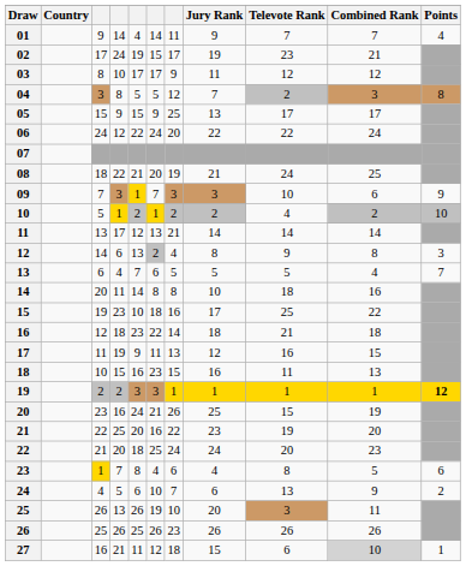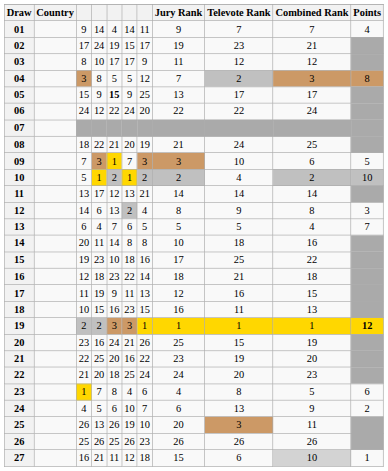 <table class="sortable wikitable collapsible plainrowheaders" style="text-align:center;">
 <tr>
 </tr>
 <tr>
 <th scope="col">Draw</th>
 <th scope="col">Country</th>
 <th scope="col"><small></small></th>
 <th scope="col"><small></small></th>
 <th scope="col"><small></small></th>
 <th scope="col"><small></small></th>
 <th scope="col"><small></small></th>
 <th scope="col">Jury Rank</th>
 <th scope="col">Televote Rank</th>
 <th scope="col">Combined Rank</th>
 <th scope="col">Points</th>
 </tr>
 <tr>
 <th scope="row" style="text-align:center;">01</th>
 <td style="text-align:left;"></td>
 <td>9</td>
 <td>14</td>
 <td>4</td>
 <td>14</td>
 <td>11</td>
 <td>9</td>
 <td>7</td>
 <td>7</td>
 <td>4</td>
 </tr>
 <tr>
 <th scope="row" style="text-align:center;">02</th>
 <td style="text-align:left;"></td>
 <td>17</td>
 <td>24</td>
 <td>19</td>
 <td>15</td>
 <td>17</td>
 <td>19</td>
 <td>23</td>
 <td>21</td>
 <td style="background:#AAAAAA;"></td>
 </tr>
 <tr>
 <th scope="row" style="text-align:center;">03</th>
 <td style="text-align:left;"></td>
 <td>8</td>
 <td>10</td>
 <td>17</td>
 <td>17</td>
 <td>9</td>
 <td>11</td>
 <td>12</td>
 <td>12</td>
 <td style="background:#AAAAAA;"></td>
 </tr>
 <tr>
 <th scope="row" style="text-align:center;">04</th>
 <td style="text-align:left;"></td>
 <td style="background:#CC9966;">3</td>
 <td>8</td>
 <td>5</td>
 <td>5</td>
 <td>12</td>
 <td>7</td>
 <td style="background:silver;">2</td>
 <td style="background:#CC9966;">3</td>
 <td style="background:#CC9966;">8</td>
 </tr>
 <tr>
 <th scope="row" style="text-align:center;">05</th>
 <td style="text-align:left;"></td>
 <td>15</td>
 <td>9</td>
-<td>15</td>
+<td><strong>15</strong></td>
 <td>9</td>
 <td>25</td>
 <td>13</td>
 <td>17</td>
 <td>17</td>
 <td style="background:#AAAAAA;"></td>
 </tr>
 <tr>
 <th scope="row" style="text-align:center;">06</th>
 <td style="text-align:left;"></td>
 <td>24</td>
 <td>12</td>
 <td>22</td>
 <td>24</td>
 <td>20</td>
 <td>22</td>
 <td>22</td>
 <td>24</td>
 <td style="background:#AAAAAA;"></td>
 </tr>
 <tr class="sortbottom">
 <th scope="row" style="text-align:center;">07</th>
 <td style="text-align:left;"></td>
 <td style="background:#AAAAAA;"></td>
 <td style="background:#AAAAAA;"></td>
 <td style="background:#AAAAAA;"></td>
 <td style="background:#AAAAAA;"></td>
 <td style="background:#AAAAAA;"></td>
 <td style="background:#AAAAAA;"></td>
 <td style="background:#AAAAAA;"></td>
 <td style="background:#AAAAAA;"></td>
 <td style="background:#AAAAAA;"></td>
 </tr>
 <tr>
 <th scope="row" style="text-align:center;">08</th>
 <td style="text-align:left;"></td>
 <td>18</td>
 <td>22</td>
 <td>21</td>
 <td>20</td>
 <td>19</td>
 <td>21</td>
 <td>24</td>
 <td>25</td>
 <td style="background:#AAAAAA;"></td>
 </tr>
 <tr>
 <th scope="row" style="text-align:center;">09</th>
 <td style="text-align:left;"></td>
 <td>7</td>
 <td style="background:#CC9966;">3</td>
 <td style="background:gold;">1</td>
 <td>7</td>
 <td style="background:#CC9966;">3</td>
 <td style="background:#CC9966;">3</td>
 <td>10</td>
 <td>6</td>
-<td>9</td>
+<td>5</td>
 </tr>
 <tr>
 <th scope="row" style="text-align:center;">10</th>
 <td style="text-align:left;"></td>
 <td>5</td>
 <td style="background:gold;">1</td>
 <td style="background:silver;">2</td>
 <td style="background:gold;">1</td>
 <td style="background:silver;">2</td>
 <td style="background:silver;">2</td>
 <td>4</td>
 <td style="background:silver;">2</td>
 <td style="background:silver;">10</td>
 </tr>
 <tr>
 <th scope="row" style="text-align:center;">11</th>
 <td style="text-align:left;"></td>
 <td>13</td>
 <td>17</td>
 <td>12</td>
 <td>13</td>
 <td>21</td>
 <td>14</td>
 <td>14</td>
 <td>14</td>
 <td style="background:#AAAAAA;"></td>
 </tr>
 <tr>
 <th scope="row" style="text-align:center;">12</th>
 <td style="text-align:left;"></td>
 <td>14</td>
 <td>6</td>
 <td>13</td>
 <td style="background:silver;">2</td>
 <td>4</td>
 <td>8</td>
 <td>9</td>
 <td>8</td>
 <td>3</td>
 </tr>
 <tr>
 <th scope="row" style="text-align:center;">13</th>
 <td style="text-align:left;"></td>
 <td>6</td>
 <td>4</td>
 <td>7</td>
 <td>6</td>
 <td>5</td>
 <td>5</td>
 <td>5</td>
 <td>4</td>
 <td>7</td>
 </tr>
 <tr>
 <th scope="row" style="text-align:center;">14</th>
 <td style="text-align:left;"></td>
 <td>20</td>
 <td>11</td>
 <td>14</td>
 <td>8</td>
 <td>8</td>
 <td>10</td>
 <td>18</td>
 <td>16</td>
 <td style="background:#AAAAAA;"></td>
 </tr>
 <tr>
 <th scope="row" style="text-align:center;">15</th>
 <td style="text-align:left;"></td>
 <td>19</td>
 <td>23</td>
 <td>10</td>
 <td>18</td>
 <td>16</td>
 <td>17</td>
 <td>25</td>
 <td>22</td>
 <td style="background:#AAAAAA;"></td>
 </tr>
 <tr>
 <th scope="row" style="text-align:center;">16</th>
 <td style="text-align:left;"></td>
 <td>12</td>
 <td>18</td>
 <td>23</td>
 <td>22</td>
 <td>14</td>
 <td>18</td>
 <td>21</td>
 <td>18</td>
 <td style="background:#AAAAAA;"></td>
 </tr>
 <tr>
 <th scope="row" style="text-align:center;">17</th>
 <td style="text-align:left;"></td>
 <td>11</td>
 <td>19</td>
 <td>9</td>
 <td>11</td>
 <td>13</td>
 <td>12</td>
 <td>16</td>
 <td>15</td>
 <td style="background:#AAAAAA;"></td>
 </tr>
 <tr>
 <th scope="row" style="text-align:center;">18</th>
 <td style="text-align:left;"></td>
 <td>10</td>
 <td>15</td>
 <td>16</td>
 <td>23</td>
 <td>15</td>
 <td>16</td>
 <td>11</td>
 <td>13</td>
 <td style="background:#AAAAAA;"></td>
 </tr>
 <tr>
 <th scope="row" style="text-align:center;">19</th>
 <td style="text-align:left;"></td>
 <td style="background:silver;">2</td>
 <td style="background:silver;">2</td>
 <td style="background:#CC9966;">3</td>
 <td style="background:#CC9966;">3</td>
 <td style="background:gold;">1</td>
 <td style="background:gold;">1</td>
 <td style="background:gold;">1</td>
 <td style="background:gold;">1</td>
 <td style="background:gold;"><strong>12</strong></td>
 </tr>
 <tr>
 <th scope="row" style="text-align:center;">20</th>
 <td style="text-align:left;"></td>
 <td>23</td>
 <td>16</td>
 <td>24</td>
 <td>21</td>
 <td>26</td>
 <td>25</td>
 <td>15</td>
 <td>19</td>
 <td style="background:#AAAAAA;"></td>
 </tr>
 <tr>
 <th scope="row" style="text-align:center;">21</th>
 <td style="text-align:left;"></td>
 <td>22</td>
 <td>25</td>
 <td>20</td>
 <td>16</td>
 <td>22</td>
 <td>23</td>
 <td>19</td>
 <td>20</td>
 <td style="background:#AAAAAA;"></td>
 </tr>
 <tr>
 <th scope="row" style="text-align:center;">22</th>
 <td style="text-align:left;"></td>
 <td>21</td>
 <td>20</td>
 <td>18</td>
 <td>25</td>
 <td>24</td>
 <td>24</td>
 <td>20</td>
 <td>23</td>
 <td style="background:#AAAAAA;"></td>
 </tr>
 <tr>
 <th scope="row" style="text-align:center;">23</th>
 <td style="text-align:left;"></td>
 <td style="background:gold;">1</td>
 <td>7</td>
 <td>8</td>
 <td>4</td>
 <td>6</td>
 <td>4</td>
 <td>8</td>
 <td>5</td>
 <td>6</td>
 </tr>
 <tr>
 <th scope="row" style="text-align:center;">24</th>
 <td style="text-align:left;"></td>
 <td>4</td>
 <td>5</td>
 <td>6</td>
 <td>10</td>
 <td>7</td>
 <td>6</td>
 <td>13</td>
 <td>9</td>
 <td>2</td>
 </tr>
 <tr>
 <th scope="row" style="text-align:center;">25</th>
 <td style="text-align:left;"></td>
 <td>26</td>
 <td>13</td>
 <td>26</td>
 <td>19</td>
 <td>10</td>
 <td>20</td>
 <td style="background:#CC9966;">3</td>
 <td>11</td>
 <td style="background:#AAAAAA;"></td>
 </tr>
 <tr>
 <th scope="row" style="text-align:center;">26</th>
 <td style="text-align:left;"></td>
 <td>25</td>
 <td>26</td>
 <td>25</td>
 <td>26</td>
 <td>23</td>
 <td>26</td>
 <td>26</td>
 <td>26</td>
 <td style="background:#AAAAAA;"></td>
 </tr>
 <tr>
 <th scope="row" style="text-align:center;">27</th>
 <td style="text-align:left;"></td>
 <td>16</td>
 <td>21</td>
 <td>11</td>
 <td>12</td>
 <td>18</td>
 <td>15</td>
 <td>6</td>
 <td style="background: lightgrey;">10</td>
 <td>1</td>
 </tr>
 </table>
